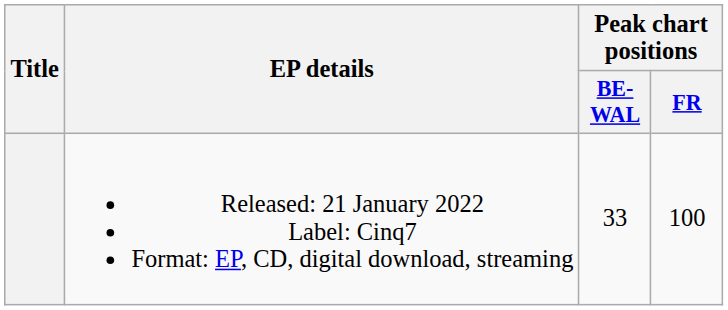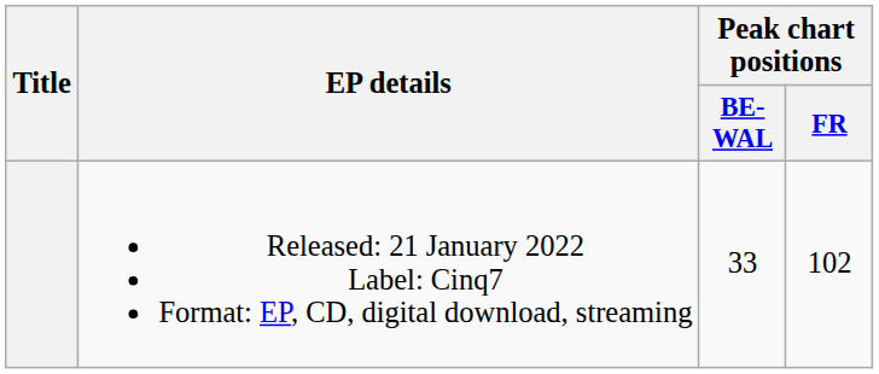 <table class="wikitable plainrowheaders" style="text-align:center;">
 <tr>
 <th scope="col" rowspan="2">Title</th>
 <th scope="col" rowspan="2">EP details</th>
 <th scope="col" colspan="2">Peak chart positions</th>
 </tr>
 <tr>
 <th scope="col" style="width:2.8em;font-size:90%;"><a href='#'>BE-WAL</a><br></th>
 <th scope="col" style="width:2.8em;font-size:90%;"><a href='#'>FR</a><br></th>
 </tr>
 <tr>
 <th scope="row"></th>
 <td><br><ul><li>Released: 21 January 2022</li><li>Label: Cinq7</li><li>Format: <a href='#'>EP</a>, CD, digital download, streaming</li></ul></td>
 <td>33</td>
-<td>100</td>
+<td>102</td>
 </tr>
 </table>
